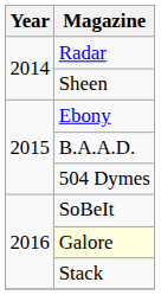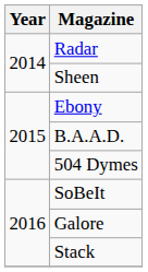 <table class="wikitable sortable">
 <tr>
 <th>Year</th>
 <th>Magazine</th>
 </tr>
 <tr>
 <td rowspan="2">2014</td>
 <td><a href='#'>Radar</a></td>
 </tr>
 <tr>
 <td>Sheen</td>
 </tr>
 <tr>
 <td rowspan="3">2015</td>
 <td><a href='#'>Ebony</a></td>
 </tr>
 <tr>
 <td>B.A.A.D.</td>
 </tr>
 <tr>
 <td>504 Dymes</td>
 </tr>
 <tr>
 <td rowspan="3">2016</td>
 <td>SoBeIt</td>
 </tr>
 <tr>
-<td style="background: lightyellow;">Galore</td>
+<td>Galore</td>
 </tr>
 <tr>
 <td>Stack</td>
 </tr>
 <tr>
 </tr>
 </table>
